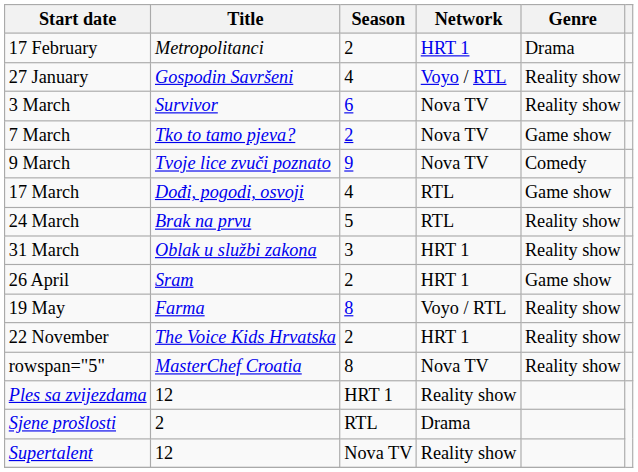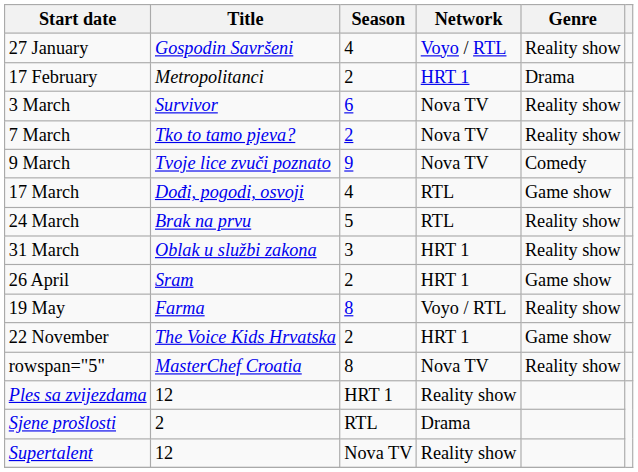 <table class="wikitable sortable">
 <tr>
 <th>Start date</th>
 <th>Title</th>
 <th>Season</th>
 <th>Network</th>
 <th>Genre</th>
 <th></th>
 </tr>
 <tr>
+<td>27 January</td>
+<td><em><a href='#'>Gospodin Savršeni</a></em></td>
+<td>4</td>
+<td><a href='#'>Voyo</a> / <a href='#'>RTL</a></td>
+<td>Reality show</td>
+<td></td>
+</tr>
+<tr>
 <td>17 February</td>
 <td><em>Metropolitanci</em></td>
 <td>2</td>
 <td><a href='#'>HRT 1</a></td>
 <td>Drama</td>
-<td></td>
-</tr>
-<tr>
-<td>27 January</td>
-<td><em><a href='#'>Gospodin Savršeni</a></em></td>
-<td>4</td>
-<td><a href='#'>Voyo</a> / <a href='#'>RTL</a></td>
-<td>Reality show</td>
 <td></td>
 </tr>
 <tr>
 <td>3 March</td>
 <td><em><a href='#'>Survivor</a></em></td>
 <td><a href='#'>6</a></td>
 <td>Nova TV</td>
 <td>Reality show</td>
 <td></td>
 </tr>
 <tr>
 <td>7 March</td>
 <td><em><a href='#'>Tko to tamo pjeva?</a></em></td>
 <td><a href='#'>2</a></td>
 <td>Nova TV</td>
-<td>Game show</td>
+<td>Reality show</td>
 <td></td>
 </tr>
 <tr>
 <td>9 March</td>
 <td><em><a href='#'>Tvoje lice zvuči poznato</a></em></td>
 <td><a href='#'>9</a></td>
 <td>Nova TV</td>
 <td>Comedy</td>
 <td></td>
 </tr>
 <tr>
 <td>17 March</td>
 <td><em><a href='#'>Dođi, pogodi, osvoji</a></em></td>
 <td>4</td>
 <td>RTL</td>
 <td>Game show</td>
 <td></td>
 </tr>
 <tr>
 <td>24 March</td>
 <td><em><a href='#'>Brak na prvu</a></em></td>
 <td>5</td>
 <td>RTL</td>
 <td>Reality show</td>
 <td></td>
 </tr>
 <tr>
 <td>31 March</td>
 <td><em><a href='#'>Oblak u službi zakona</a></em></td>
 <td>3</td>
 <td>HRT 1</td>
 <td>Reality show</td>
 <td></td>
 </tr>
 <tr>
 <td>26 April</td>
 <td><em><a href='#'>Sram</a></em></td>
 <td>2</td>
 <td>HRT 1</td>
 <td>Game show</td>
 <td></td>
 </tr>
 <tr>
 <td>19 May</td>
 <td><em><a href='#'>Farma</a></em></td>
 <td><a href='#'>8</a></td>
 <td>Voyo / RTL</td>
 <td>Reality show</td>
 <td></td>
 </tr>
 <tr>
 <td>22 November</td>
 <td><em><a href='#'>The Voice Kids Hrvatska</a></em></td>
 <td>2</td>
 <td>HRT 1</td>
-<td>Reality show</td>
+<td>Game show</td>
 <td></td>
 </tr>
 <tr>
 <td>rowspan="5"</td>
 <td><em><a href='#'>MasterChef Croatia</a></em></td>
 <td>8</td>
 <td>Nova TV</td>
 <td>Reality show</td>
 <td></td>
 </tr>
 <tr>
 <td><em><a href='#'>Ples sa zvijezdama</a></em></td>
 <td>12</td>
 <td>HRT 1</td>
 <td>Reality show</td>
 <td></td>
 </tr>
 <tr>
 <td><em><a href='#'>Sjene prošlosti</a></em></td>
 <td>2</td>
 <td>RTL</td>
 <td>Drama</td>
 <td></td>
 </tr>
 <tr>
 <td><em><a href='#'>Supertalent</a></em></td>
 <td>12</td>
 <td>Nova TV</td>
 <td>Reality show</td>
 <td></td>
 </tr>
 <tr>
 </tr>
 </table>
